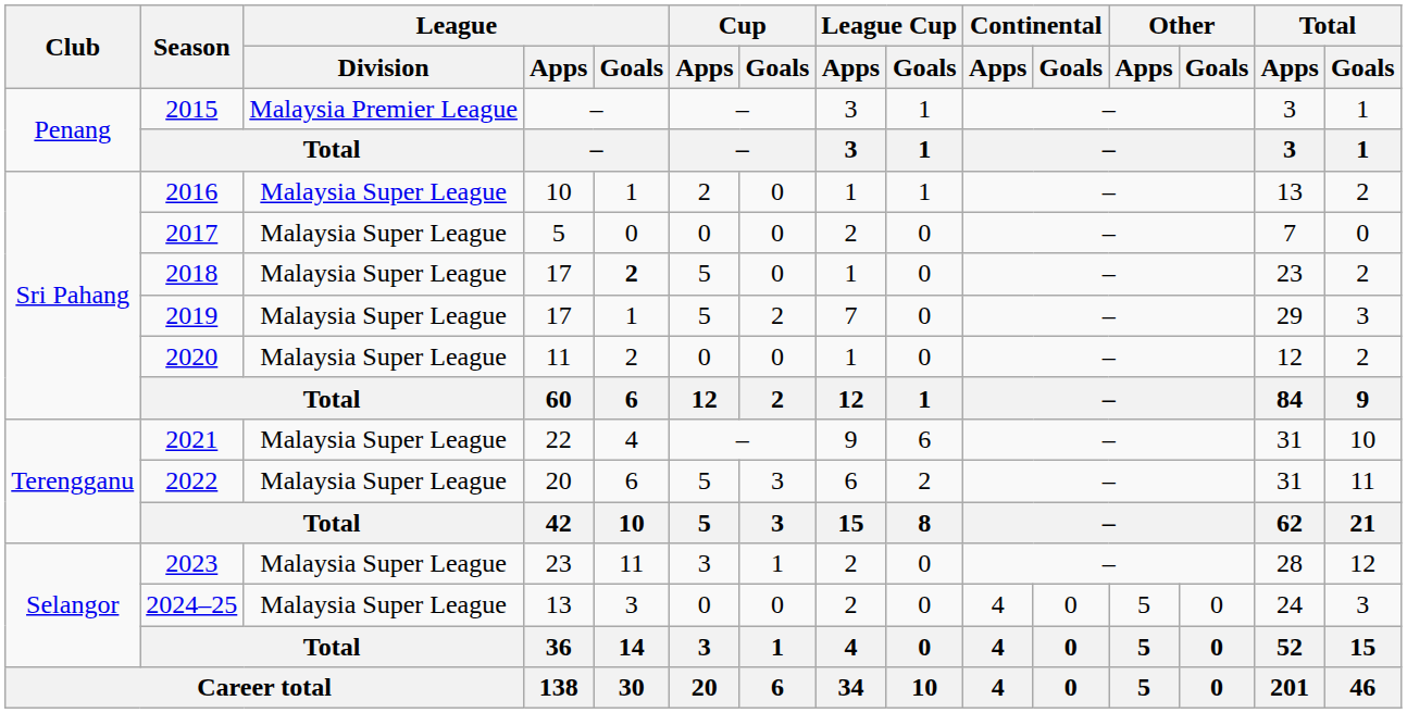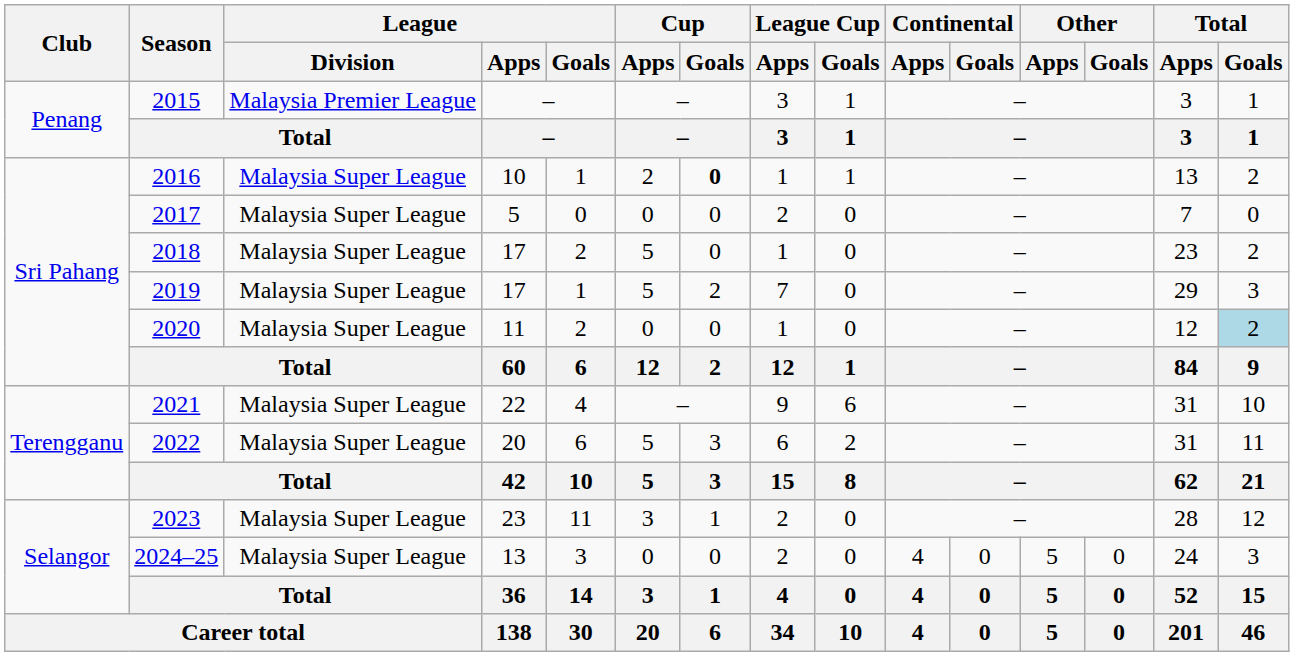 <table class=wikitable style="text-align: center">
 <tr>
 <th rowspan=2>Club</th>
 <th rowspan=2>Season</th>
 <th colspan=3>League</th>
 <th colspan=2>Cup</th>
 <th colspan=2>League Cup</th>
 <th colspan=2>Continental</th>
 <th colspan=2>Other</th>
 <th colspan=2>Total</th>
 </tr>
 <tr>
 <th>Division</th>
 <th>Apps</th>
 <th>Goals</th>
 <th>Apps</th>
 <th>Goals</th>
 <th>Apps</th>
 <th>Goals</th>
 <th>Apps</th>
 <th>Goals</th>
 <th>Apps</th>
 <th>Goals</th>
 <th>Apps</th>
 <th>Goals</th>
 </tr>
 <tr>
 <td rowspan="2"><a href='#'>Penang</a></td>
 <td><a href='#'>2015</a></td>
 <td><a href='#'>Malaysia Premier League</a></td>
 <td colspan="2">–</td>
 <td colspan="2">–</td>
 <td>3</td>
 <td>1</td>
 <td colspan="4">–</td>
 <td>3</td>
 <td>1</td>
 </tr>
 <tr>
 <th colspan=2>Total</th>
 <th colspan="2">–</th>
 <th colspan="2">–</th>
 <th>3</th>
 <th>1</th>
 <th colspan="4">–</th>
 <th>3</th>
 <th>1</th>
 </tr>
 <tr>
 <td rowspan="6"><a href='#'>Sri Pahang</a></td>
 <td><a href='#'>2016</a></td>
 <td><a href='#'>Malaysia Super League</a></td>
 <td>10</td>
 <td>1</td>
 <td>2</td>
-<td>0</td>
+<td><strong>0</strong></td>
 <td>1</td>
 <td>1</td>
 <td colspan="4">–</td>
 <td>13</td>
 <td>2</td>
 </tr>
 <tr>
 <td><a href='#'>2017</a></td>
 <td>Malaysia Super League</td>
 <td>5</td>
 <td>0</td>
 <td>0</td>
 <td>0</td>
 <td>2</td>
 <td>0</td>
 <td colspan="4">–</td>
 <td>7</td>
 <td>0</td>
 </tr>
 <tr>
 <td><a href='#'>2018</a></td>
 <td>Malaysia Super League</td>
 <td>17</td>
-<td><strong>2</strong></td>
+<td>2</td>
 <td>5</td>
 <td>0</td>
 <td>1</td>
 <td>0</td>
 <td colspan="4">–</td>
 <td>23</td>
 <td>2</td>
 </tr>
 <tr>
 <td><a href='#'>2019</a></td>
 <td>Malaysia Super League</td>
 <td>17</td>
 <td>1</td>
 <td>5</td>
 <td>2</td>
 <td>7</td>
 <td>0</td>
 <td colspan="4">–</td>
 <td>29</td>
 <td>3</td>
 </tr>
 <tr>
 <td><a href='#'>2020</a></td>
 <td>Malaysia Super League</td>
 <td>11</td>
 <td>2</td>
 <td>0</td>
 <td>0</td>
 <td>1</td>
 <td>0</td>
 <td colspan="4">–</td>
 <td>12</td>
-<td>2</td>
+<td style="background: lightblue;">2</td>
 </tr>
 <tr>
 <th colspan=2>Total</th>
 <th>60</th>
 <th>6</th>
 <th>12</th>
 <th>2</th>
 <th>12</th>
 <th>1</th>
 <th colspan="4">–</th>
 <th>84</th>
 <th>9</th>
 </tr>
 <tr>
 <td rowspan="3"><a href='#'>Terengganu</a></td>
 <td><a href='#'>2021</a></td>
 <td>Malaysia Super League</td>
 <td>22</td>
 <td>4</td>
 <td colspan="2">–</td>
 <td>9</td>
 <td>6</td>
 <td colspan="4">–</td>
 <td>31</td>
 <td>10</td>
 </tr>
 <tr>
 <td><a href='#'>2022</a></td>
 <td>Malaysia Super League</td>
 <td>20</td>
 <td>6</td>
 <td>5</td>
 <td>3</td>
 <td>6</td>
 <td>2</td>
 <td colspan="4">–</td>
 <td>31</td>
 <td>11</td>
 </tr>
 <tr>
 <th colspan=2>Total</th>
 <th>42</th>
 <th>10</th>
 <th>5</th>
 <th>3</th>
 <th>15</th>
 <th>8</th>
 <th colspan="4">–</th>
 <th>62</th>
 <th>21</th>
 </tr>
 <tr>
 <td rowspan="3"><a href='#'>Selangor</a></td>
 <td><a href='#'>2023</a></td>
 <td>Malaysia Super League</td>
 <td>23</td>
 <td>11</td>
 <td>3</td>
 <td>1</td>
 <td>2</td>
 <td>0</td>
 <td colspan="4">–</td>
 <td>28</td>
 <td>12</td>
 </tr>
 <tr>
 <td><a href='#'>2024–25</a></td>
 <td>Malaysia Super League</td>
 <td>13</td>
 <td>3</td>
 <td>0</td>
 <td>0</td>
 <td>2</td>
 <td>0</td>
 <td>4</td>
 <td>0</td>
 <td>5</td>
 <td>0</td>
 <td>24</td>
 <td>3</td>
 </tr>
 <tr>
 <th colspan=2>Total</th>
 <th>36</th>
 <th>14</th>
 <th>3</th>
 <th>1</th>
 <th>4</th>
 <th>0</th>
 <th>4</th>
 <th>0</th>
 <th>5</th>
 <th>0</th>
 <th>52</th>
 <th>15</th>
 </tr>
 <tr>
 <th colspan=3>Career total</th>
 <th>138</th>
 <th>30</th>
 <th>20</th>
 <th>6</th>
 <th>34</th>
 <th>10</th>
 <th>4</th>
 <th>0</th>
 <th>5</th>
 <th>0</th>
 <th>201</th>
 <th>46</th>
 </tr>
 </table>
